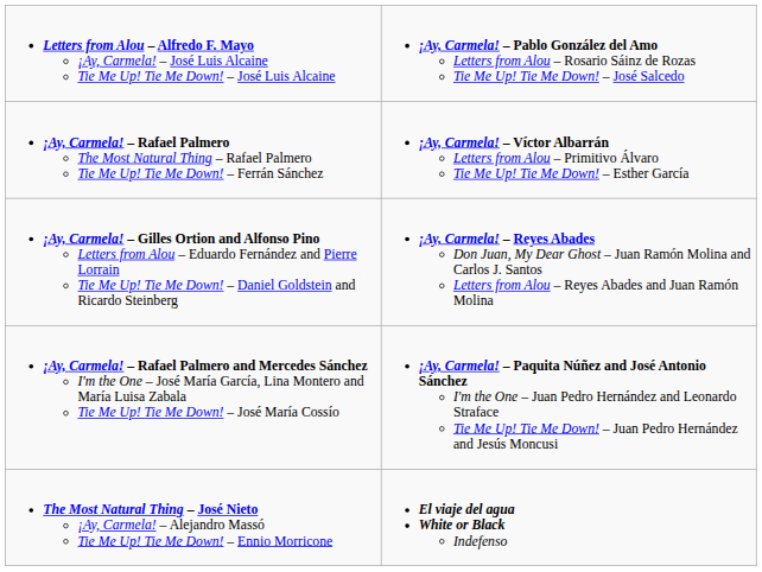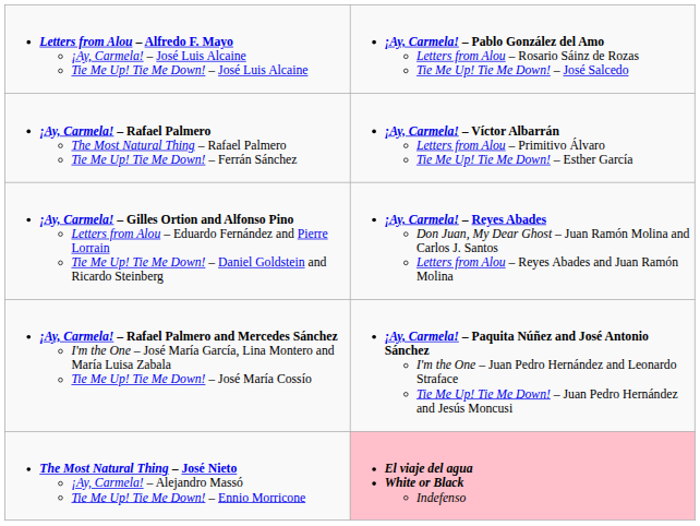 <table class=wikitable style="width="100%">
 <tr>
 <td style="vertical-align:top;" width="50%"><br><ul><li><strong> <em><a href='#'>Letters from Alou</a></em> – <a href='#'>Alfredo F. Mayo</a> </strong><ul><li><em><a href='#'>¡Ay, Carmela!</a></em> – <a href='#'>José Luis Alcaine</a></li><li><em><a href='#'>Tie Me Up! Tie Me Down!</a></em> – <a href='#'>José Luis Alcaine</a></li></ul></li></ul></td>
 <td style="vertical-align:top;" width="50%"><br><ul><li><strong> <em><a href='#'>¡Ay, Carmela!</a></em> – Pablo González del Amo</strong><ul><li><em><a href='#'>Letters from Alou</a></em> – Rosario Sáinz de Rozas</li><li><em><a href='#'>Tie Me Up! Tie Me Down!</a></em> – <a href='#'>José Salcedo</a></li></ul></li></ul></td>
 </tr>
 <tr>
 <td style="vertical-align:top;" width="50%"><br><ul><li><strong> <em><a href='#'>¡Ay, Carmela!</a></em> – Rafael Palmero</strong><ul><li><em><a href='#'>The Most Natural Thing</a></em> – Rafael Palmero</li><li><em><a href='#'>Tie Me Up! Tie Me Down!</a></em> – Ferrán Sánchez</li></ul></li></ul></td>
 <td style="vertical-align:top;" width="50%"><br><ul><li><strong> <em><a href='#'>¡Ay, Carmela!</a></em> – Víctor Albarrán</strong><ul><li><em><a href='#'>Letters from Alou</a></em> – Primitivo Álvaro</li><li><em><a href='#'>Tie Me Up! Tie Me Down!</a></em> – Esther García</li></ul></li></ul></td>
 </tr>
 <tr>
 <td style="vertical-align:top;" width="50%"><br><ul><li><strong> <em><a href='#'>¡Ay, Carmela!</a></em> – Gilles Ortion and Alfonso Pino</strong><ul><li><em><a href='#'>Letters from Alou</a></em> – Eduardo Fernández and <a href='#'>Pierre Lorrain</a></li><li><em><a href='#'>Tie Me Up! Tie Me Down!</a></em> – <a href='#'>Daniel Goldstein</a> and Ricardo Steinberg</li></ul></li></ul></td>
 <td style="vertical-align:top;" width="50%"><br><ul><li><strong> <em><a href='#'>¡Ay, Carmela!</a></em> – <a href='#'>Reyes Abades</a></strong><ul><li><em>Don Juan, My Dear Ghost</em> – Juan Ramón Molina and Carlos J. Santos</li><li><em><a href='#'>Letters from Alou</a></em> – Reyes Abades and Juan Ramón Molina</li></ul></li></ul></td>
 </tr>
 <tr>
 <td style="vertical-align:top;" width="50%"><br><ul><li><strong> <em><a href='#'>¡Ay, Carmela!</a></em> – Rafael Palmero and Mercedes Sánchez</strong><ul><li><em>I'm the One</em> – José María García, Lina Montero and María Luisa Zabala</li><li><em><a href='#'>Tie Me Up! Tie Me Down!</a></em> – José María Cossío</li></ul></li></ul></td>
 <td style="vertical-align:top;" width="50%"><br><ul><li><strong> <em><a href='#'>¡Ay, Carmela!</a></em> – Paquita Núñez and José Antonio Sánchez</strong><ul><li><em>I'm the One</em> – Juan Pedro Hernández and Leonardo Straface</li><li><em><a href='#'>Tie Me Up! Tie Me Down!</a></em> – Juan Pedro Hernández and Jesús Moncusi</li></ul></li></ul></td>
 </tr>
 <tr>
 <td style="vertical-align:top;" width="50%"><br><ul><li><strong> <em><a href='#'>The Most Natural Thing</a></em> – <a href='#'>José Nieto</a></strong><ul><li><em><a href='#'>¡Ay, Carmela!</a></em> – Alejandro Massó</li><li><em><a href='#'>Tie Me Up! Tie Me Down!</a></em> – <a href='#'>Ennio Morricone</a></li></ul></li></ul></td>
-<td style="vertical-align:top;" width="50%"><br><ul><li><strong> <em>El viaje del agua<strong><em></li><li></strong> </em>White or Black</em></strong><ul><li><em>Indefenso</em></li></ul></li></ul></td>
+<td style="background: pink; vertical-align:top;" width="50%"><br><ul><li><strong> <em>El viaje del agua<strong><em></li><li></strong> </em>White or Black</em></strong><ul><li><em>Indefenso</em></li></ul></li></ul></td>
 </tr>
 </table>
